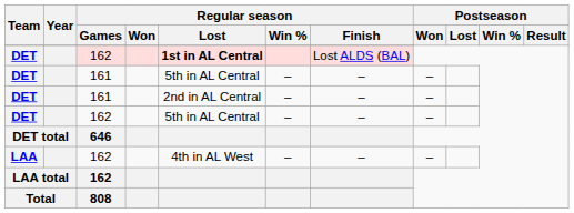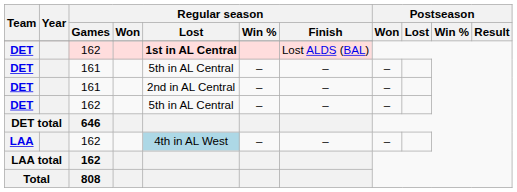 <table class="wikitable" style="font-size: 95%; text-align:center;">
 <tr>
 <th rowspan="2">Team</th>
 <th rowspan="2">Year</th>
 <th colspan="5">Regular season</th>
 <th colspan="4">Postseason</th>
 </tr>
 <tr>
 <th>Games</th>
 <th>Won</th>
 <th>Lost</th>
 <th>Win %</th>
 <th>Finish</th>
 <th>Won</th>
 <th>Lost</th>
 <th>Win %</th>
 <th>Result</th>
 </tr>
 <tr>
 </tr>
 <tr style="background:#fdd">
 <th><a href='#'>DET</a></th>
 <th></th>
 <td>162</td>
 <td></td>
 <td><strong>1st in AL Central</strong></td>
 <td></td>
 <td>Lost <a href='#'>ALDS</a> (<a href='#'>BAL</a>)</td>
 </tr>
 <tr>
 <th><a href='#'>DET</a></th>
 <th></th>
 <td>161</td>
 <td></td>
 <td>5th in AL Central</td>
 <td>–</td>
 <td>–</td>
 <td>–</td>
 <td></td>
 </tr>
 <tr>
 <th><a href='#'>DET</a></th>
 <th></th>
 <td>161</td>
 <td></td>
 <td>2nd in AL Central</td>
 <td>–</td>
 <td>–</td>
 <td>–</td>
 <td></td>
 </tr>
 <tr>
 <th><a href='#'>DET</a></th>
 <th></th>
 <td>162</td>
 <td></td>
 <td>5th in AL Central</td>
 <td>–</td>
 <td>–</td>
 <td>–</td>
 <td></td>
 </tr>
 <tr>
 <th colspan="2">DET total</th>
 <th>646</th>
 <th></th>
 <th></th>
 <th></th>
 <th></th>
 </tr>
 <tr>
 <th><a href='#'>LAA</a></th>
 <th></th>
 <td>162</td>
 <td></td>
-<td>4th in AL West</td>
+<td style="background: lightblue;">4th in AL West</td>
 <td>–</td>
 <td>–</td>
 <td>–</td>
 <td></td>
 </tr>
 <tr>
 <th colspan="2">LAA total</th>
 <th>162</th>
 <th></th>
 <th></th>
 <th></th>
 <th></th>
 </tr>
 <tr>
 <th colspan="2">Total</th>
 <th>808</th>
 <th></th>
 <th></th>
 <th></th>
 <th></th>
 </tr>
 </table>
